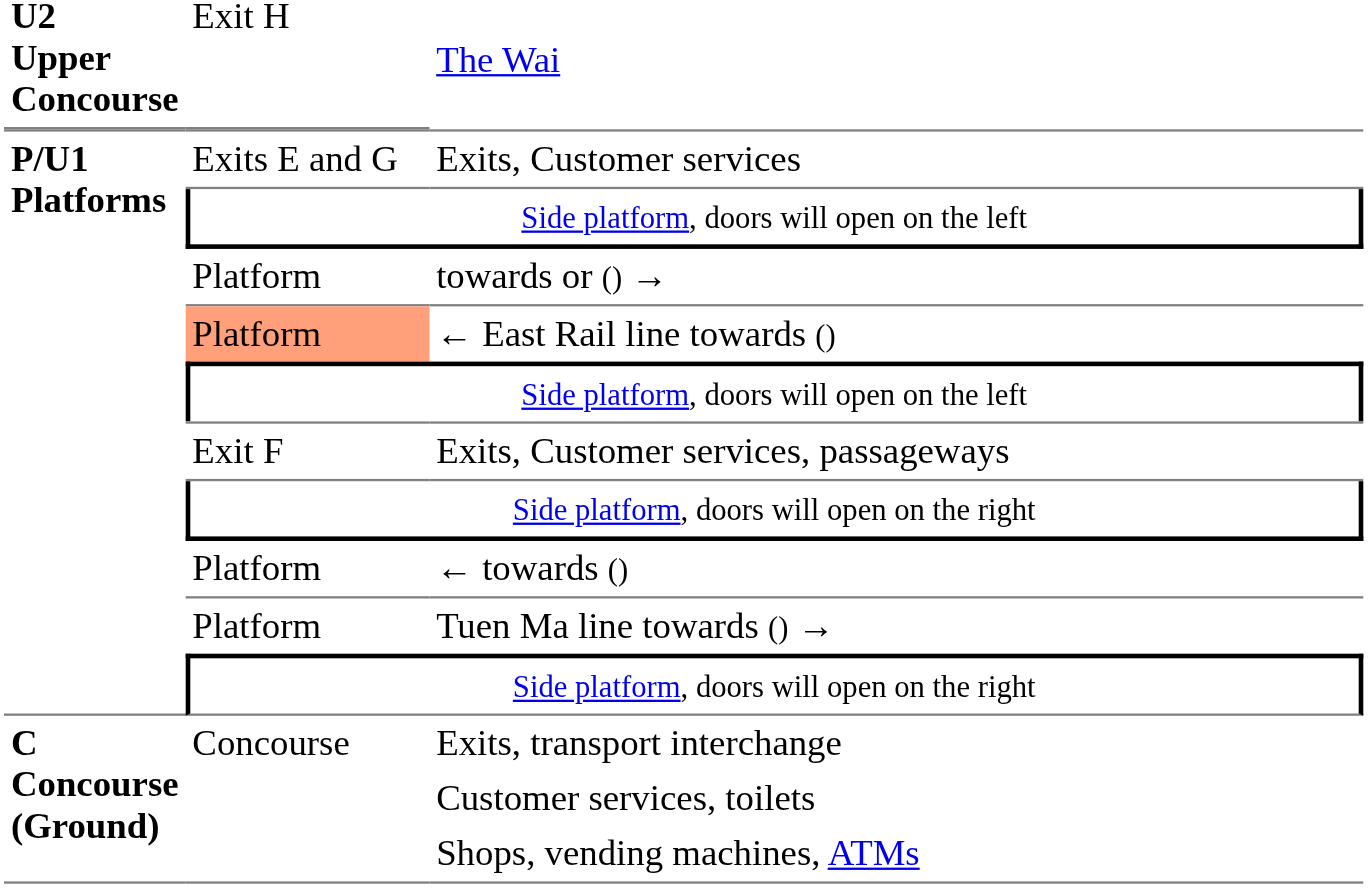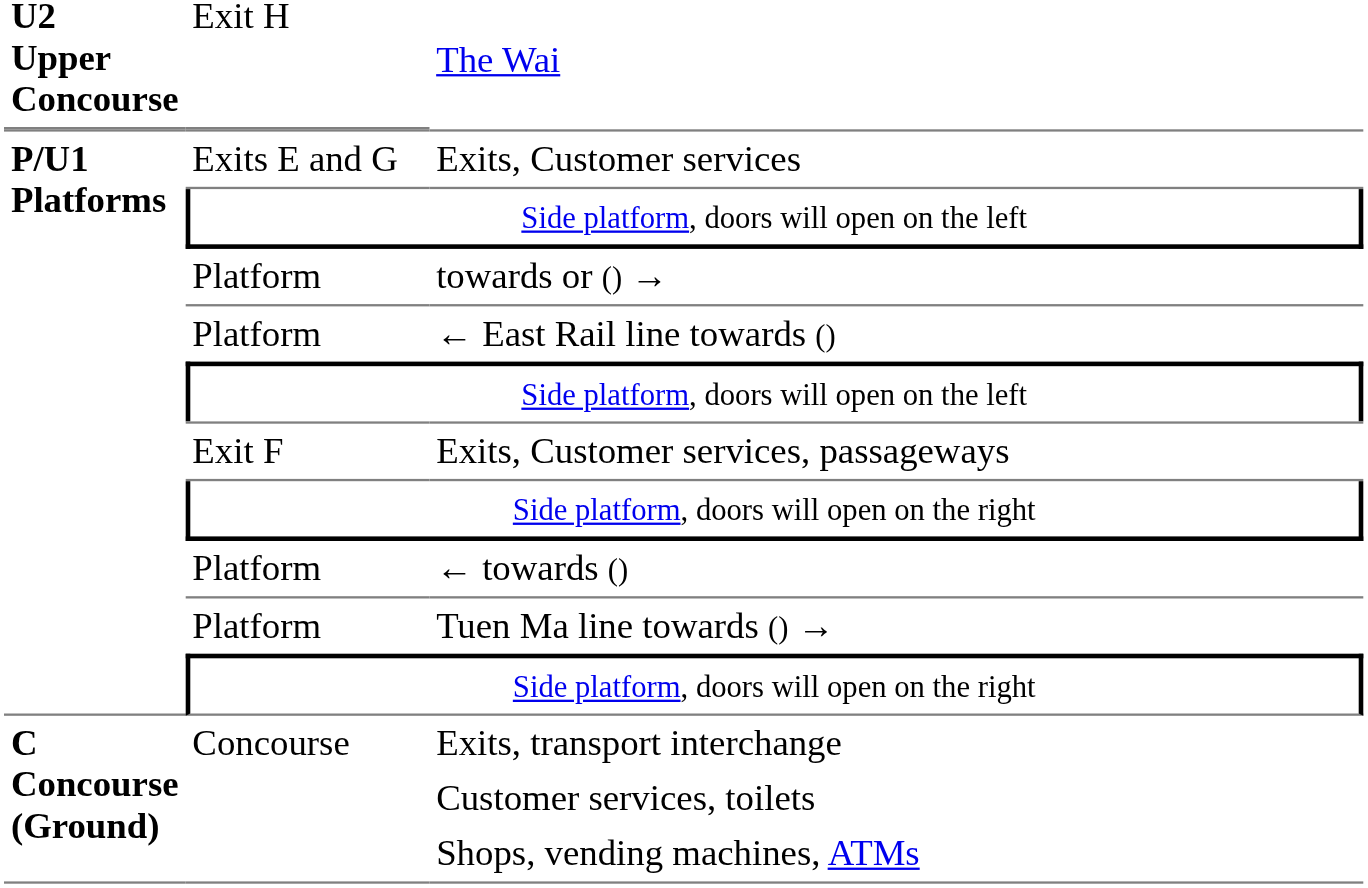 <table border=0 cellspacing=0 cellpadding=3>
 <tr>
 <td style="border-bottom:solid 1px gray;vertical-align:top;"><strong>U2<br> Upper Concourse</strong></td>
 <td style="border-bottom:solid 1px gray;vertical-align:top;">Exit H</td>
 <td><a href='#'>The Wai</a></td>
 </tr>
 <tr>
 <td style="border-top:solid 1px gray;border-bottom:solid 1px gray;width:50px;vertical-align:top;" rowspan=10><strong>P/U1<br>Platforms</strong></td>
 <td style="border-top:solid 1px gray;border-bottom:solid 1px gray;width:100px;">Exits E and G</td>
 <td style="border-top:solid 1px gray;border-bottom:solid 1px gray;width:400px;">Exits, Customer services</td>
 </tr>
 <tr>
 <td style="border-right:solid 2px black;border-left:solid 2px black;border-bottom:solid 2px black;text-align:center;" colspan=2><small><a href='#'>Side platform</a>, doors will open on the left</small></td>
 </tr>
 <tr>
 <td style="border-bottom:solid 1px gray;">Platform </td>
 <td style="border-bottom:solid 1px gray;">  towards  or  <small>()</small> →</td>
 </tr>
 <tr>
-<td style="background: lightsalmon;">Platform </td>
+<td>Platform </td>
 <td>←  East Rail line towards  <small>()</small></td>
 </tr>
 <tr>
 <td style="border-top:solid 2px black;border-right:solid 2px black;border-left:solid 2px black;text-align:center;" colspan=2><small><a href='#'>Side platform</a>, doors will open on the left</small></td>
 </tr>
 <tr>
 <td style="border-top:solid 1px gray;border-bottom:solid 1px gray;">Exit F</td>
 <td style="border-top:solid 1px gray;border-bottom:solid 1px gray;">Exits, Customer services, passageways</td>
 </tr>
 <tr>
 <td style="border-right:solid 2px black;border-left:solid 2px black;border-bottom:solid 2px black;text-align:center;" colspan=2><small><a href='#'>Side platform</a>, doors will open on the right</small></td>
 </tr>
 <tr>
 <td style="border-bottom:solid 1px gray;">Platform </td>
 <td style="border-bottom:solid 1px gray;">←  towards  <small>()</small></td>
 </tr>
 <tr>
 <td>Platform </td>
 <td>  Tuen Ma line towards  <small>()</small> →</td>
 </tr>
 <tr>
 <td style="border-top:solid 2px black;border-right:solid 2px black;border-left:solid 2px black;border-bottom:solid 1px gray;text-align:center;" colspan=2><small><a href='#'>Side platform</a>, doors will open on the right</small></td>
 </tr>
 <tr>
 <td style="border-bottom:solid 1px gray;vertical-align:top;" rowspan=3><strong>C<br>Concourse (Ground)</strong></td>
 <td style="border-bottom:solid 1px gray;vertical-align:top;" rowspan=3>Concourse</td>
 <td>Exits, transport interchange</td>
 </tr>
 <tr>
 <td>Customer services, toilets</td>
 </tr>
 <tr>
 <td style="border-bottom:solid 1px gray;">Shops, vending machines, <a href='#'>ATMs</a></td>
 </tr>
 </table>
